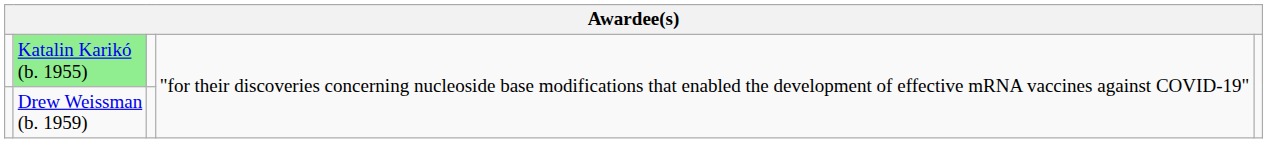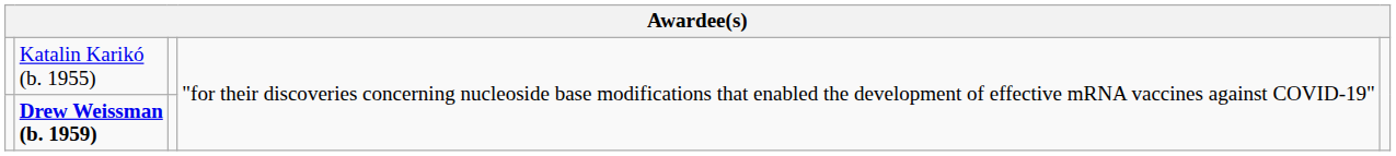 <table class="wikitable">
 <tr>
 <th colspan="5">Awardee(s)</th>
 </tr>
 <tr>
 <td></td>
-<td style="background: lightgreen;"><a href='#'>Katalin Karikó</a><br>(b. 1955)</td>
+<td><a href='#'>Katalin Karikó</a><br>(b. 1955)</td>
 <td></td>
 <td rowspan="2">"for their discoveries concerning nucleoside base modifications that enabled the development of effective mRNA vaccines against COVID-19"</td>
 <td rowspan="2"></td>
 </tr>
 <tr>
 <td></td>
-<td><a href='#'>Drew Weissman</a><br>(b. 1959)</td>
+<td><strong><a href='#'>Drew Weissman</a><br>(b. 1959)</strong></td>
 <td></td>
 </tr>
 </table>
